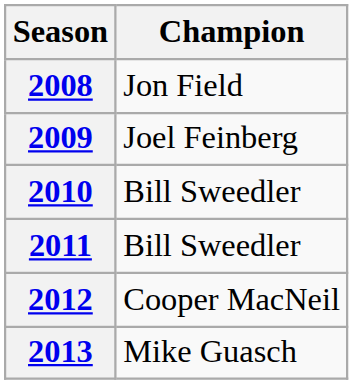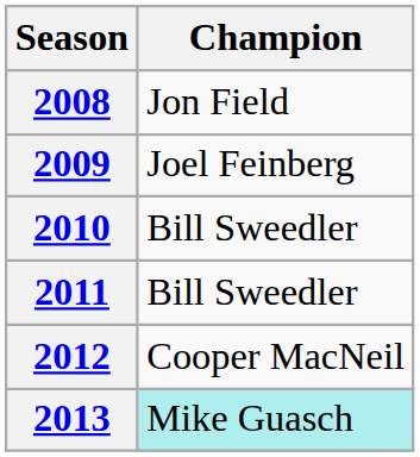 <table class="wikitable" style="font-size: 90%;">
 <tr>
 <th>Season</th>
 <th>Champion</th>
 </tr>
 <tr>
 <th><a href='#'>2008</a></th>
 <td> Jon Field</td>
 </tr>
 <tr>
 <th><a href='#'>2009</a></th>
 <td> Joel Feinberg</td>
 </tr>
 <tr>
 <th><a href='#'>2010</a></th>
 <td> Bill Sweedler</td>
 </tr>
 <tr>
 <th><a href='#'>2011</a></th>
 <td> Bill Sweedler</td>
 </tr>
 <tr>
 <th><a href='#'>2012</a></th>
 <td> Cooper MacNeil</td>
 </tr>
 <tr>
 <th><a href='#'>2013</a></th>
-<td> Mike Guasch</td>
+<td style="background: paleturquoise;"> Mike Guasch</td>
 </tr>
 </table>
